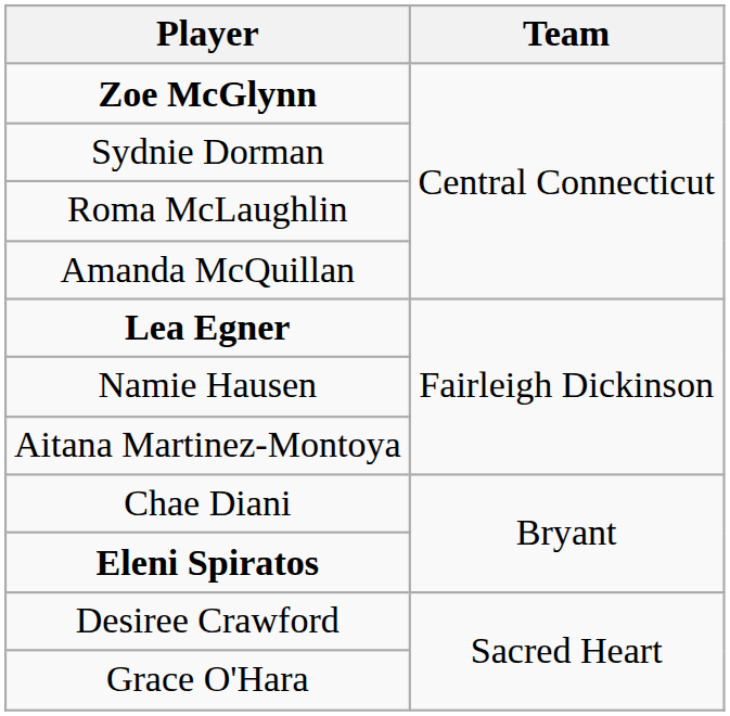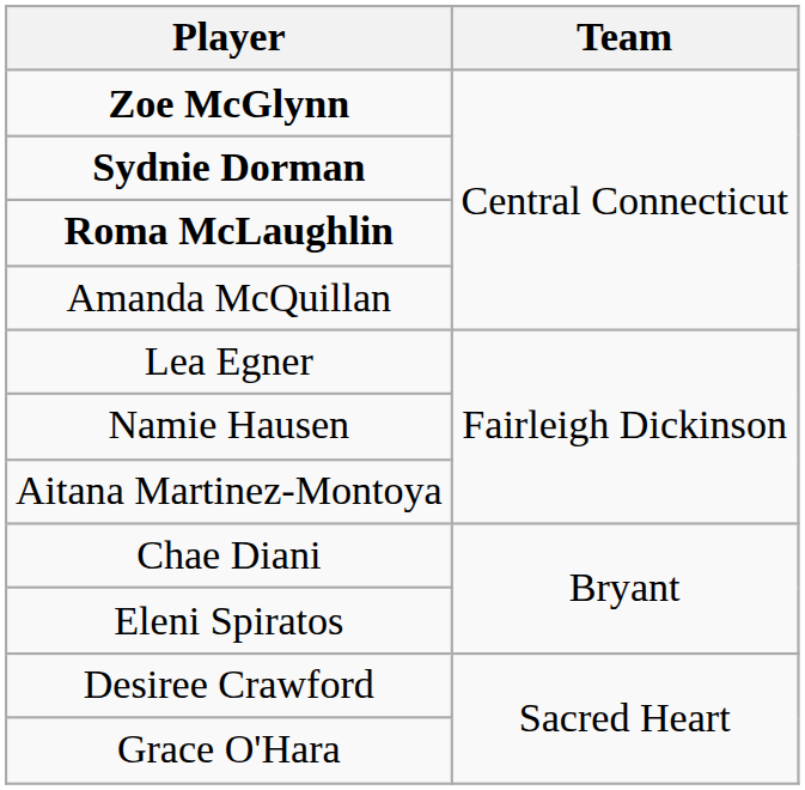 <table class="wikitable" style="text-align: center;">
 <tr>
 <th>Player</th>
 <th>Team</th>
 </tr>
 <tr>
 <td><strong>Zoe McGlynn</strong></td>
 <td rowspan=4>Central Connecticut</td>
 </tr>
 <tr>
-<td>Sydnie Dorman</td>
+<td><strong>Sydnie Dorman</strong></td>
 </tr>
 <tr>
-<td>Roma McLaughlin</td>
+<td><strong>Roma McLaughlin</strong></td>
 </tr>
 <tr>
 <td>Amanda McQuillan</td>
 </tr>
 <tr>
-<td><strong>Lea Egner</strong></td>
+<td>Lea Egner</td>
 <td rowspan=3>Fairleigh Dickinson</td>
 </tr>
 <tr>
 <td>Namie Hausen</td>
 </tr>
 <tr>
 <td>Aitana Martinez-Montoya</td>
 </tr>
 <tr>
 <td>Chae Diani</td>
 <td rowspan=2>Bryant</td>
 </tr>
 <tr>
-<td><strong>Eleni Spiratos</strong></td>
+<td>Eleni Spiratos</td>
 </tr>
 <tr>
 <td>Desiree Crawford</td>
 <td rowspan=2>Sacred Heart</td>
 </tr>
 <tr>
 <td>Grace O'Hara</td>
 </tr>
 </table>
